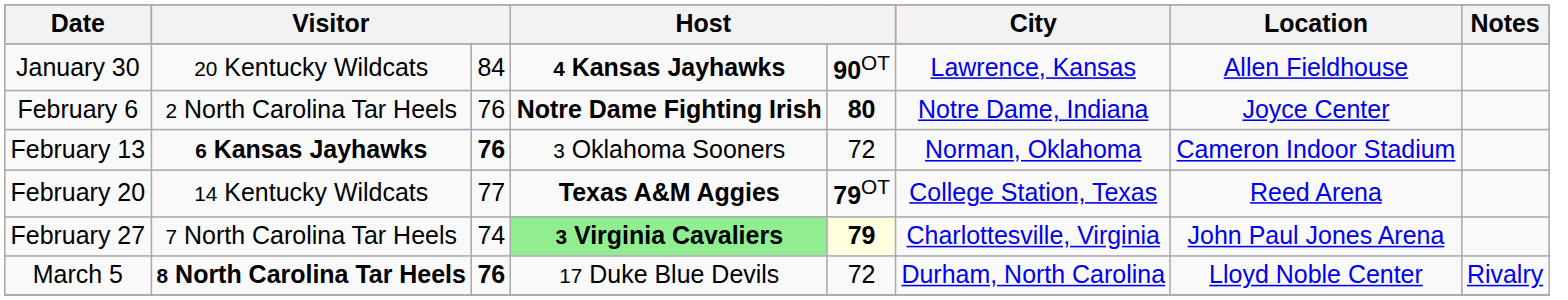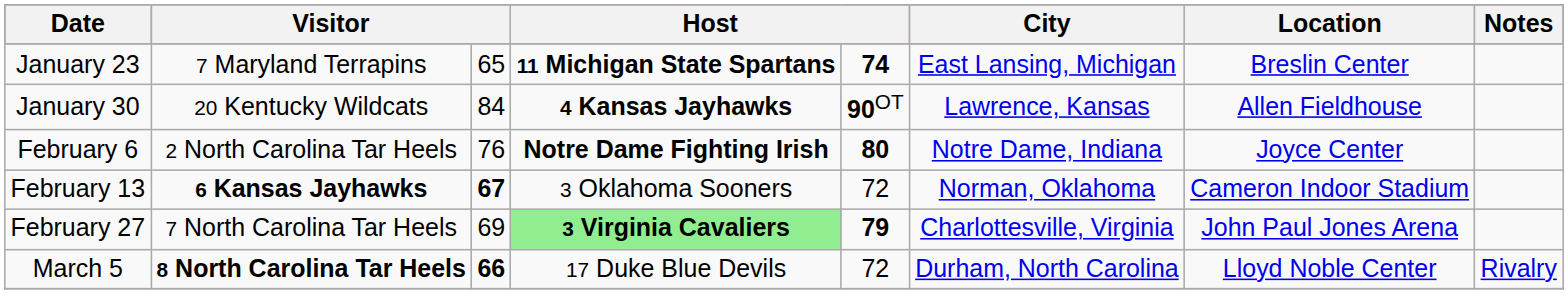 <table class="wikitable" style="text-align:center">
 <tr style="background:#A32638;"|>
 <th>Date</th>
 <th colspan=2>Visitor</th>
 <th colspan=2>Host</th>
 <th>City</th>
 <th>Location</th>
 <th>Notes</th>
+</tr>
+<tr>
+<td>January 23</td>
+<td><small>7</small> Maryland Terrapins</td>
+<td>65</td>
+<td><strong><small>11</small> Michigan State Spartans</strong></td>
+<td><strong>74</strong></td>
+<td><a href='#'>East Lansing, Michigan</a></td>
+<td><a href='#'>Breslin Center</a></td>
+<td></td>
 </tr>
 <tr>
 <td>January 30</td>
 <td><small>20</small> Kentucky Wildcats</td>
 <td>84</td>
 <td><strong><small>4</small> Kansas Jayhawks</strong></td>
 <td><strong>90</strong><sup>OT</sup></td>
 <td><a href='#'>Lawrence, Kansas</a></td>
 <td><a href='#'>Allen Fieldhouse</a></td>
 <td></td>
 </tr>
 <tr>
 <td>February 6</td>
 <td><small>2</small> North Carolina Tar Heels</td>
 <td>76</td>
 <td><strong>Notre Dame Fighting Irish</strong></td>
 <td><strong>80</strong></td>
 <td><a href='#'>Notre Dame, Indiana</a></td>
 <td><a href='#'>Joyce Center</a></td>
 <td></td>
 </tr>
 <tr>
 <td>February 13</td>
 <td><strong><small>6</small> Kansas Jayhawks</strong></td>
-<td><strong>76</strong></td>
+<td><strong>67</strong></td>
 <td><small>3</small> Oklahoma Sooners</td>
 <td>72</td>
 <td><a href='#'>Norman, Oklahoma</a></td>
 <td><a href='#'>Cameron Indoor Stadium</a></td>
 <td></td>
 </tr>
 <tr>
-<td>February 20</td>
-<td><small>14</small> Kentucky Wildcats</td>
-<td>77</td>
-<td><strong>Texas A&M Aggies</strong></td>
-<td><strong>79</strong><sup>OT</sup></td>
-<td><a href='#'>College Station, Texas</a></td>
-<td><a href='#'>Reed Arena</a></td>
-<td></td>
-</tr>
-<tr>
 <td>February 27</td>
 <td><small>7</small> North Carolina Tar Heels</td>
-<td>74</td>
+<td>69</td>
 <td style="background: lightgreen;"><strong><small>3</small> Virginia Cavaliers</strong></td>
-<td style="background: lightyellow;"><strong>79</strong></td>
+<td><strong>79</strong></td>
 <td><a href='#'>Charlottesville, Virginia</a></td>
 <td><a href='#'>John Paul Jones Arena</a></td>
 <td></td>
 </tr>
 <tr>
 <td>March 5</td>
 <td><strong><small>8</small> North Carolina Tar Heels</strong></td>
-<td><strong>76</strong></td>
+<td><strong>66</strong></td>
 <td><small>17</small> Duke Blue Devils</td>
 <td>72</td>
 <td><a href='#'>Durham, North Carolina</a></td>
 <td><a href='#'>Lloyd Noble Center</a></td>
 <td><a href='#'>Rivalry</a></td>
 </tr>
 <tr>
 </tr>
 </table>
